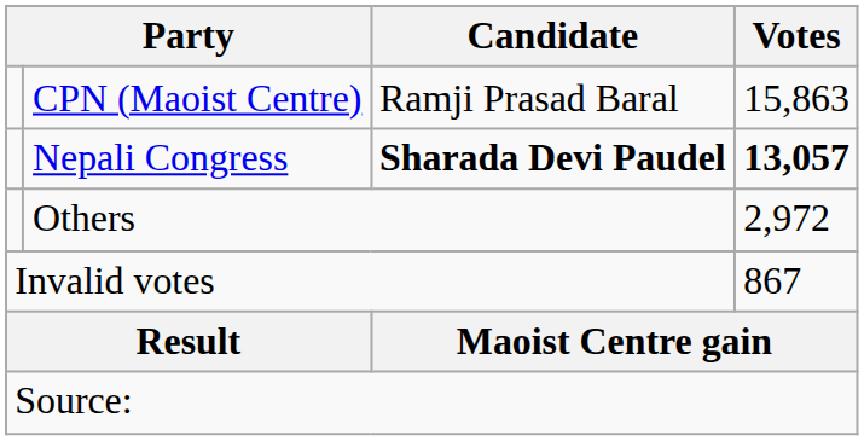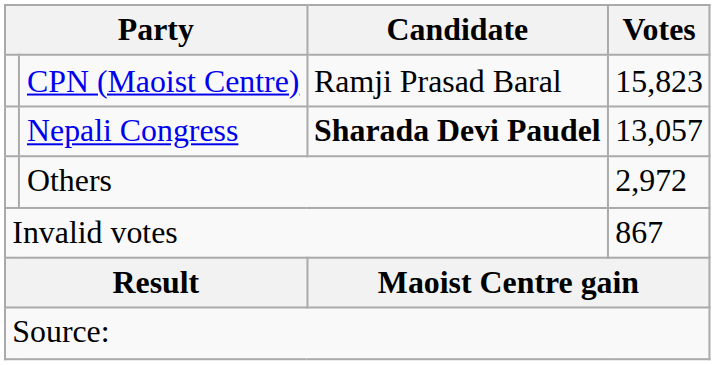 <table class="wikitable">
 <tr>
 <th colspan="2">Party</th>
 <th>Candidate</th>
 <th>Votes</th>
 </tr>
 <tr>
 <td style="background-color:"></td>
 <td><a href='#'>CPN (Maoist Centre)</a></td>
 <td>Ramji Prasad Baral</td>
-<td>15,863</td>
+<td>15,823</td>
 </tr>
 <tr>
 <td style="background-color:"></td>
 <td><a href='#'>Nepali Congress</a></td>
 <td><strong>Sharada Devi Paudel</strong></td>
-<td><strong>13,057</strong></td>
+<td>13,057</td>
 </tr>
 <tr>
 <td></td>
 <td colspan="2">Others</td>
 <td>2,972</td>
 </tr>
 <tr>
 <td colspan="3">Invalid votes</td>
 <td>867</td>
 </tr>
 <tr>
 <th colspan="2">Result</th>
 <th colspan="2">Maoist Centre gain</th>
 </tr>
 <tr>
 <td colspan="4">Source: </td>
 </tr>
 </table>
